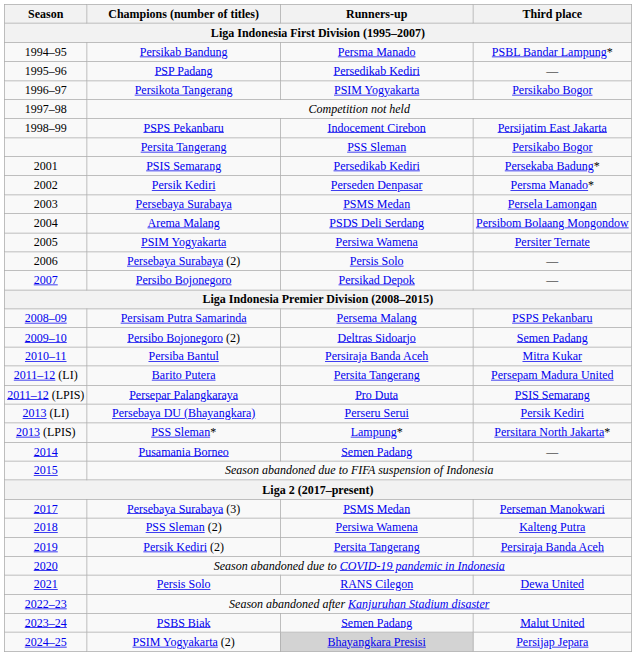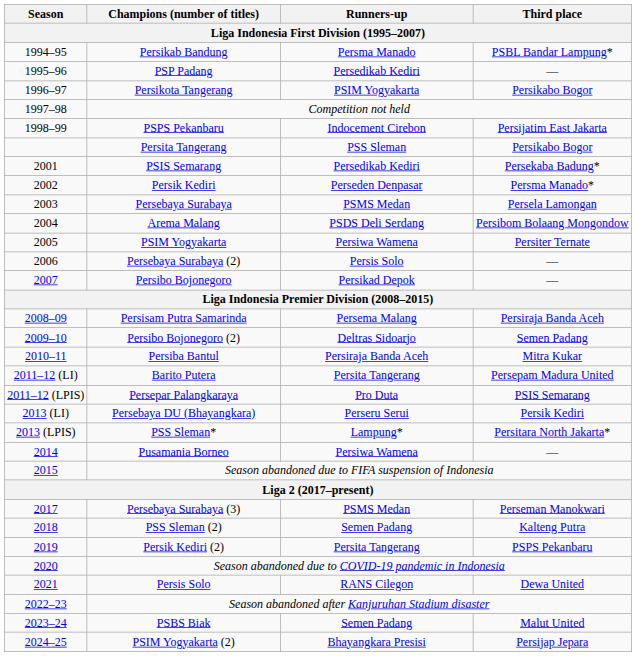 <table class="wikitable" style="text-align: center; white-space: nowrap;">
 <tr>
 <th width="80">Season</th>
 <th width="250">Champions (number of titles)</th>
 <th width="250">Runners-up</th>
 <th width="200">Third place</th>
 </tr>
 <tr>
 <th colspan="4">Liga Indonesia First Division (1995–2007)</th>
 </tr>
 <tr>
 <td>1994–95</td>
 <td><a href='#'>Persikab Bandung</a></td>
 <td><a href='#'>Persma Manado</a></td>
 <td><a href='#'>PSBL Bandar Lampung</a>*</td>
 </tr>
 <tr>
 <td>1995–96</td>
 <td><a href='#'>PSP Padang</a></td>
 <td><a href='#'>Persedikab Kediri</a></td>
 <td>—</td>
 </tr>
 <tr>
 <td>1996–97</td>
 <td><a href='#'>Persikota Tangerang</a></td>
 <td><a href='#'>PSIM Yogyakarta</a></td>
 <td><a href='#'>Persikabo Bogor</a></td>
 </tr>
 <tr>
 <td>1997–98</td>
 <td colspan="3"><em>Competition not held</em></td>
 </tr>
 <tr>
 <td>1998–99</td>
 <td><a href='#'>PSPS Pekanbaru</a></td>
 <td><a href='#'>Indocement Cirebon</a></td>
 <td><a href='#'>Persijatim East Jakarta</a></td>
 </tr>
 <tr>
 <td></td>
 <td><a href='#'>Persita Tangerang</a></td>
 <td><a href='#'>PSS Sleman</a></td>
 <td><a href='#'>Persikabo Bogor</a></td>
 </tr>
 <tr>
 <td>2001</td>
 <td><a href='#'>PSIS Semarang</a></td>
 <td><a href='#'>Persedikab Kediri</a></td>
 <td><a href='#'>Persekaba Badung</a>*</td>
 </tr>
 <tr>
 <td>2002</td>
 <td><a href='#'>Persik Kediri</a></td>
 <td><a href='#'>Perseden Denpasar</a></td>
 <td><a href='#'>Persma Manado</a>*</td>
 </tr>
 <tr>
 <td>2003</td>
 <td><a href='#'>Persebaya Surabaya</a></td>
 <td><a href='#'>PSMS Medan</a></td>
 <td><a href='#'>Persela Lamongan</a></td>
 </tr>
 <tr>
 <td>2004</td>
 <td><a href='#'>Arema Malang</a></td>
 <td><a href='#'>PSDS Deli Serdang</a></td>
 <td><a href='#'>Persibom Bolaang Mongondow</a></td>
 </tr>
 <tr>
 <td>2005</td>
 <td><a href='#'>PSIM Yogyakarta</a></td>
 <td><a href='#'>Persiwa Wamena</a></td>
 <td><a href='#'>Persiter Ternate</a></td>
 </tr>
 <tr>
 <td>2006</td>
 <td><a href='#'>Persebaya Surabaya</a> (2)</td>
 <td><a href='#'>Persis Solo</a></td>
 <td>—</td>
 </tr>
 <tr>
 <td><a href='#'>2007</a></td>
 <td><a href='#'>Persibo Bojonegoro</a></td>
 <td><a href='#'>Persikad Depok</a></td>
 <td>—</td>
 </tr>
 <tr>
 <th colspan="4">Liga Indonesia Premier Division (2008–2015)</th>
 </tr>
 <tr>
 <td><a href='#'>2008–09</a></td>
 <td><a href='#'>Persisam Putra Samarinda</a></td>
 <td><a href='#'>Persema Malang</a></td>
-<td><a href='#'>PSPS Pekanbaru</a></td>
+<td><a href='#'>Persiraja Banda Aceh</a></td>
 </tr>
 <tr>
 <td><a href='#'>2009–10</a></td>
 <td><a href='#'>Persibo Bojonegoro</a> (2)</td>
 <td><a href='#'>Deltras Sidoarjo</a></td>
 <td><a href='#'>Semen Padang</a></td>
 </tr>
 <tr>
 <td><a href='#'>2010–11</a></td>
 <td><a href='#'>Persiba Bantul</a></td>
 <td><a href='#'>Persiraja Banda Aceh</a></td>
 <td><a href='#'>Mitra Kukar</a></td>
 </tr>
 <tr>
 <td><a href='#'>2011–12</a> (LI)</td>
 <td><a href='#'>Barito Putera</a></td>
 <td><a href='#'>Persita Tangerang</a></td>
 <td><a href='#'>Persepam Madura United</a></td>
 </tr>
 <tr>
 <td><a href='#'>2011–12</a> (LPIS)</td>
 <td><a href='#'>Persepar Palangkaraya</a></td>
 <td><a href='#'>Pro Duta</a></td>
 <td><a href='#'>PSIS Semarang</a></td>
 </tr>
 <tr>
 <td><a href='#'>2013</a> (LI)</td>
 <td><a href='#'>Persebaya DU (Bhayangkara)</a></td>
 <td><a href='#'>Perseru Serui</a></td>
 <td><a href='#'>Persik Kediri</a></td>
 </tr>
 <tr>
 <td><a href='#'>2013</a> (LPIS)</td>
 <td><a href='#'>PSS Sleman</a>*</td>
 <td><a href='#'>Lampung</a>*</td>
 <td><a href='#'>Persitara North Jakarta</a>*</td>
 </tr>
 <tr>
 <td><a href='#'>2014</a></td>
 <td><a href='#'>Pusamania Borneo</a></td>
-<td><a href='#'>Semen Padang</a></td>
+<td><a href='#'>Persiwa Wamena</a></td>
 <td>—</td>
 </tr>
 <tr>
 <td><a href='#'>2015</a></td>
 <td colspan="3"><em>Season abandoned due to FIFA suspension of Indonesia</em></td>
 </tr>
 <tr>
 <th colspan="4">Liga 2 (2017–present)</th>
 </tr>
 <tr>
 <td><a href='#'>2017</a></td>
 <td><a href='#'>Persebaya Surabaya</a> (3)</td>
 <td><a href='#'>PSMS Medan</a></td>
 <td><a href='#'>Perseman Manokwari</a></td>
 </tr>
 <tr>
 <td><a href='#'>2018</a></td>
 <td><a href='#'>PSS Sleman</a> (2)</td>
-<td><a href='#'>Persiwa Wamena</a></td>
+<td><a href='#'>Semen Padang</a></td>
 <td><a href='#'>Kalteng Putra</a></td>
 </tr>
 <tr>
 <td><a href='#'>2019</a></td>
 <td><a href='#'>Persik Kediri</a> (2)</td>
 <td><a href='#'>Persita Tangerang</a></td>
-<td><a href='#'>Persiraja Banda Aceh</a></td>
+<td><a href='#'>PSPS Pekanbaru</a></td>
 </tr>
 <tr>
 <td><a href='#'>2020</a></td>
 <td colspan="3"><em>Season abandoned due to <a href='#'>COVID-19 pandemic in Indonesia</a></em></td>
 </tr>
 <tr>
 <td><a href='#'>2021</a></td>
 <td><a href='#'>Persis Solo</a></td>
 <td><a href='#'>RANS Cilegon</a></td>
 <td><a href='#'>Dewa United</a></td>
 </tr>
 <tr>
 <td><a href='#'>2022–23</a></td>
 <td colspan="3"><em>Season abandoned after <a href='#'>Kanjuruhan Stadium disaster</a></em></td>
 </tr>
 <tr>
 <td><a href='#'>2023–24</a></td>
 <td><a href='#'>PSBS Biak</a></td>
 <td><a href='#'>Semen Padang</a></td>
 <td><a href='#'>Malut United</a></td>
 </tr>
 <tr>
 <td><a href='#'>2024–25</a></td>
 <td><a href='#'>PSIM Yogyakarta</a> (2)</td>
-<td style="background: lightgrey;"><a href='#'>Bhayangkara Presisi</a></td>
+<td><a href='#'>Bhayangkara Presisi</a></td>
 <td><a href='#'>Persijap Jepara</a></td>
 </tr>
 </table>
